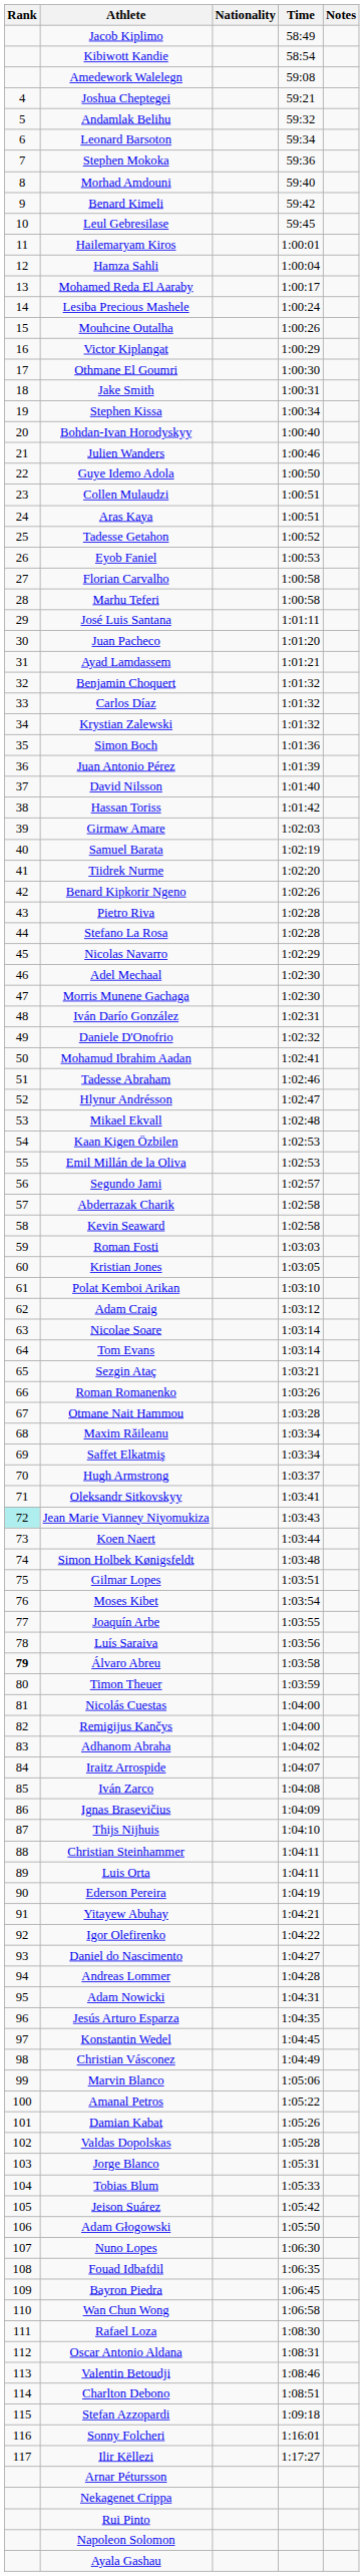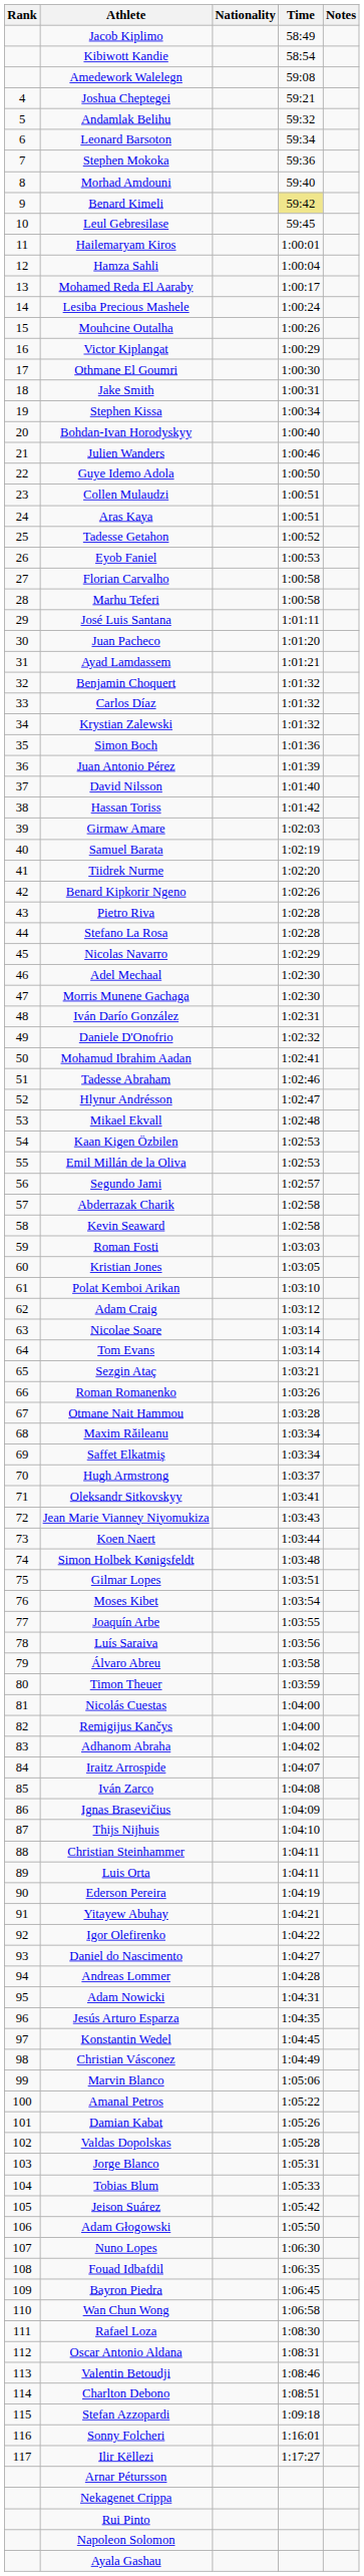 <table class="wikitable sortable"  style="text-align:center; font-size:95%">
 <tr>
 <th>Rank</th>
 <th>Athlete</th>
 <th>Nationality</th>
 <th>Time</th>
 <th>Notes</th>
 </tr>
 <tr>
 <td></td>
 <td><a href='#'>Jacob Kiplimo</a></td>
 <td align=left></td>
 <td>58:49</td>
 <td></td>
 </tr>
 <tr>
 <td></td>
 <td><a href='#'>Kibiwott Kandie</a></td>
 <td align=left></td>
 <td>58:54</td>
 <td></td>
 </tr>
 <tr>
 <td></td>
 <td><a href='#'>Amedework Walelegn</a></td>
 <td align=left></td>
 <td>59:08</td>
 <td></td>
 </tr>
 <tr>
 <td>4</td>
 <td><a href='#'>Joshua Cheptegei</a></td>
 <td align=left></td>
 <td>59:21</td>
 <td></td>
 </tr>
 <tr>
 <td>5</td>
 <td><a href='#'>Andamlak Belihu</a></td>
 <td align=left></td>
 <td>59:32</td>
 <td></td>
 </tr>
 <tr>
 <td>6</td>
 <td><a href='#'>Leonard Barsoton</a></td>
 <td align=left></td>
 <td>59:34</td>
 <td></td>
 </tr>
 <tr>
 <td>7</td>
 <td><a href='#'>Stephen Mokoka</a></td>
 <td align=left></td>
 <td>59:36</td>
 <td></td>
 </tr>
 <tr>
 <td>8</td>
 <td><a href='#'>Morhad Amdouni</a></td>
 <td align=left></td>
 <td>59:40</td>
 <td></td>
 </tr>
 <tr>
 <td>9</td>
 <td><a href='#'>Benard Kimeli</a></td>
 <td align=left></td>
-<td>59:42</td>
+<td style="background: khaki;">59:42</td>
 <td></td>
 </tr>
 <tr>
 <td>10</td>
 <td><a href='#'>Leul Gebresilase</a></td>
 <td align=left></td>
 <td>59:45</td>
 <td></td>
 </tr>
 <tr>
 <td>11</td>
 <td><a href='#'>Hailemaryam Kiros</a></td>
 <td align=left></td>
 <td>1:00:01</td>
 <td></td>
 </tr>
 <tr>
 <td>12</td>
 <td><a href='#'>Hamza Sahli</a></td>
 <td align=left></td>
 <td>1:00:04</td>
 <td></td>
 </tr>
 <tr>
 <td>13</td>
 <td><a href='#'>Mohamed Reda El Aaraby</a></td>
 <td align=left></td>
 <td>1:00:17</td>
 <td></td>
 </tr>
 <tr>
 <td>14</td>
 <td><a href='#'>Lesiba Precious Mashele</a></td>
 <td align=left></td>
 <td>1:00:24</td>
 <td></td>
 </tr>
 <tr>
 <td>15</td>
 <td><a href='#'>Mouhcine Outalha</a></td>
 <td align=left></td>
 <td>1:00:26</td>
 <td></td>
 </tr>
 <tr>
 <td>16</td>
 <td><a href='#'>Victor Kiplangat</a></td>
 <td align=left></td>
 <td>1:00:29</td>
 <td></td>
 </tr>
 <tr>
 <td>17</td>
 <td><a href='#'>Othmane El Goumri</a></td>
 <td align=left></td>
 <td>1:00:30</td>
 <td></td>
 </tr>
 <tr>
 <td>18</td>
 <td><a href='#'>Jake Smith</a></td>
 <td align=left></td>
 <td>1:00:31</td>
 <td></td>
 </tr>
 <tr>
 <td>19</td>
 <td><a href='#'>Stephen Kissa</a></td>
 <td align=left></td>
 <td>1:00:34</td>
 <td></td>
 </tr>
 <tr>
 <td>20</td>
 <td><a href='#'>Bohdan-Ivan Horodyskyy</a></td>
 <td align=left></td>
 <td>1:00:40</td>
 <td></td>
 </tr>
 <tr>
 <td>21</td>
 <td><a href='#'>Julien Wanders</a></td>
 <td align=left></td>
 <td>1:00:46</td>
 <td></td>
 </tr>
 <tr>
 <td>22</td>
 <td><a href='#'>Guye Idemo Adola</a></td>
 <td align=left></td>
 <td>1:00:50</td>
 <td></td>
 </tr>
 <tr>
 <td>23</td>
 <td><a href='#'>Collen Mulaudzi</a></td>
 <td align=left></td>
 <td>1:00:51</td>
 <td></td>
 </tr>
 <tr>
 <td>24</td>
 <td><a href='#'>Aras Kaya</a></td>
 <td align=left></td>
 <td>1:00:51</td>
 <td></td>
 </tr>
 <tr>
 <td>25</td>
 <td><a href='#'>Tadesse Getahon</a></td>
 <td align=left></td>
 <td>1:00:52</td>
 <td></td>
 </tr>
 <tr>
 <td>26</td>
 <td><a href='#'>Eyob Faniel</a></td>
 <td align=left></td>
 <td>1:00:53</td>
 <td></td>
 </tr>
 <tr>
 <td>27</td>
 <td><a href='#'>Florian Carvalho</a></td>
 <td align=left></td>
 <td>1:00:58</td>
 <td></td>
 </tr>
 <tr>
 <td>28</td>
 <td><a href='#'>Marhu Teferi</a></td>
 <td align=left></td>
 <td>1:00:58</td>
 <td></td>
 </tr>
 <tr>
 <td>29</td>
 <td><a href='#'>José Luis Santana</a></td>
 <td align=left></td>
 <td>1:01:11</td>
 <td></td>
 </tr>
 <tr>
 <td>30</td>
 <td><a href='#'>Juan Pacheco</a></td>
 <td align=left></td>
 <td>1:01:20</td>
 <td></td>
 </tr>
 <tr>
 <td>31</td>
 <td><a href='#'>Ayad Lamdassem</a></td>
 <td align=left></td>
 <td>1:01:21</td>
 <td></td>
 </tr>
 <tr>
 <td>32</td>
 <td><a href='#'>Benjamin Choquert</a></td>
 <td align=left></td>
 <td>1:01:32</td>
 <td></td>
 </tr>
 <tr>
 <td>33</td>
 <td><a href='#'>Carlos Díaz</a></td>
 <td align=left></td>
 <td>1:01:32</td>
 <td></td>
 </tr>
 <tr>
 <td>34</td>
 <td><a href='#'>Krystian Zalewski</a></td>
 <td align=left></td>
 <td>1:01:32</td>
 <td></td>
 </tr>
 <tr>
 <td>35</td>
 <td><a href='#'>Simon Boch</a></td>
 <td align=left></td>
 <td>1:01:36</td>
 <td></td>
 </tr>
 <tr>
 <td>36</td>
 <td><a href='#'>Juan Antonio Pérez</a></td>
 <td align=left></td>
 <td>1:01:39</td>
 <td></td>
 </tr>
 <tr>
 <td>37</td>
 <td><a href='#'>David Nilsson</a></td>
 <td align=left></td>
 <td>1:01:40</td>
 <td></td>
 </tr>
 <tr>
 <td>38</td>
 <td><a href='#'>Hassan Toriss</a></td>
 <td align=left></td>
 <td>1:01:42</td>
 <td></td>
 </tr>
 <tr>
 <td>39</td>
 <td><a href='#'>Girmaw Amare</a></td>
 <td align=left></td>
 <td>1:02:03</td>
 <td></td>
 </tr>
 <tr>
 <td>40</td>
 <td><a href='#'>Samuel Barata</a></td>
 <td align=left></td>
 <td>1:02:19</td>
 <td></td>
 </tr>
 <tr>
 <td>41</td>
 <td><a href='#'>Tiidrek Nurme</a></td>
 <td align=left></td>
 <td>1:02:20</td>
 <td></td>
 </tr>
 <tr>
 <td>42</td>
 <td><a href='#'>Benard Kipkorir Ngeno</a></td>
 <td align=left></td>
 <td>1:02:26</td>
 <td></td>
 </tr>
 <tr>
 <td>43</td>
 <td><a href='#'>Pietro Riva</a></td>
 <td align=left></td>
 <td>1:02:28</td>
 <td></td>
 </tr>
 <tr>
 <td>44</td>
 <td><a href='#'>Stefano La Rosa</a></td>
 <td align=left></td>
 <td>1:02:28</td>
 <td></td>
 </tr>
 <tr>
 <td>45</td>
 <td><a href='#'>Nicolas Navarro</a></td>
 <td align=left></td>
 <td>1:02:29</td>
 <td></td>
 </tr>
 <tr>
 <td>46</td>
 <td><a href='#'>Adel Mechaal</a></td>
 <td align=left></td>
 <td>1:02:30</td>
 <td></td>
 </tr>
 <tr>
 <td>47</td>
 <td><a href='#'>Morris Munene Gachaga</a></td>
 <td align=left></td>
 <td>1:02:30</td>
 <td></td>
 </tr>
 <tr>
 <td>48</td>
 <td><a href='#'>Iván Darío González</a></td>
 <td align=left></td>
 <td>1:02:31</td>
 <td></td>
 </tr>
 <tr>
 <td>49</td>
 <td><a href='#'>Daniele D'Onofrio</a></td>
 <td align=left></td>
 <td>1:02:32</td>
 <td></td>
 </tr>
 <tr>
 <td>50</td>
 <td><a href='#'>Mohamud Ibrahim Aadan</a></td>
 <td align=left></td>
 <td>1:02:41</td>
 <td></td>
 </tr>
 <tr>
 <td>51</td>
 <td><a href='#'>Tadesse Abraham</a></td>
 <td align=left></td>
 <td>1:02:46</td>
 <td></td>
 </tr>
 <tr>
 <td>52</td>
 <td><a href='#'>Hlynur Andrésson</a></td>
 <td align=left></td>
 <td>1:02:47</td>
 <td></td>
 </tr>
 <tr>
 <td>53</td>
 <td><a href='#'>Mikael Ekvall</a></td>
 <td align=left></td>
 <td>1:02:48</td>
 <td></td>
 </tr>
 <tr>
 <td>54</td>
 <td><a href='#'>Kaan Kigen Özbilen</a></td>
 <td align=left></td>
 <td>1:02:53</td>
 <td></td>
 </tr>
 <tr>
 <td>55</td>
 <td><a href='#'>Emil Millán de la Oliva</a></td>
 <td align=left></td>
 <td>1:02:53</td>
 <td></td>
 </tr>
 <tr>
 <td>56</td>
 <td><a href='#'>Segundo Jami</a></td>
 <td align=left></td>
 <td>1:02:57</td>
 <td></td>
 </tr>
 <tr>
 <td>57</td>
 <td><a href='#'>Abderrazak Charik</a></td>
 <td align=left></td>
 <td>1:02:58</td>
 <td></td>
 </tr>
 <tr>
 <td>58</td>
 <td><a href='#'>Kevin Seaward</a></td>
 <td align=left></td>
 <td>1:02:58</td>
 <td></td>
 </tr>
 <tr>
 <td>59</td>
 <td><a href='#'>Roman Fosti</a></td>
 <td align=left></td>
 <td>1:03:03</td>
 <td></td>
 </tr>
 <tr>
 <td>60</td>
 <td><a href='#'>Kristian Jones</a></td>
 <td align=left></td>
 <td>1:03:05</td>
 <td></td>
 </tr>
 <tr>
 <td>61</td>
 <td><a href='#'>Polat Kemboi Arikan</a></td>
 <td align=left></td>
 <td>1:03:10</td>
 <td></td>
 </tr>
 <tr>
 <td>62</td>
 <td><a href='#'>Adam Craig</a></td>
 <td align=left></td>
 <td>1:03:12</td>
 <td></td>
 </tr>
 <tr>
 <td>63</td>
 <td><a href='#'>Nicolae Soare</a></td>
 <td align=left></td>
 <td>1:03:14</td>
 <td></td>
 </tr>
 <tr>
 <td>64</td>
 <td><a href='#'>Tom Evans</a></td>
 <td align=left></td>
 <td>1:03:14</td>
 <td></td>
 </tr>
 <tr>
 <td>65</td>
 <td><a href='#'>Sezgin Ataç</a></td>
 <td align=left></td>
 <td>1:03:21</td>
 <td></td>
 </tr>
 <tr>
 <td>66</td>
 <td><a href='#'>Roman Romanenko</a></td>
 <td align=left></td>
 <td>1:03:26</td>
 <td></td>
 </tr>
 <tr>
 <td>67</td>
 <td><a href='#'>Otmane Nait Hammou</a></td>
 <td align=left></td>
 <td>1:03:28</td>
 <td></td>
 </tr>
 <tr>
 <td>68</td>
 <td><a href='#'>Maxim Răileanu</a></td>
 <td align=left></td>
 <td>1:03:34</td>
 <td></td>
 </tr>
 <tr>
 <td>69</td>
 <td><a href='#'>Saffet Elkatmiş</a></td>
 <td align=left></td>
 <td>1:03:34</td>
 <td></td>
 </tr>
 <tr>
 <td>70</td>
 <td><a href='#'>Hugh Armstrong</a></td>
 <td align=left></td>
 <td>1:03:37</td>
 <td></td>
 </tr>
 <tr>
 <td>71</td>
 <td><a href='#'>Oleksandr Sitkovskyy</a></td>
 <td align=left></td>
 <td>1:03:41</td>
 <td></td>
 </tr>
 <tr>
-<td style="background: paleturquoise;">72</td>
+<td>72</td>
 <td><a href='#'>Jean Marie Vianney Niyomukiza</a></td>
 <td align=left></td>
 <td>1:03:43</td>
 <td></td>
 </tr>
 <tr>
 <td>73</td>
 <td><a href='#'>Koen Naert</a></td>
 <td align=left></td>
 <td>1:03:44</td>
 <td></td>
 </tr>
 <tr>
 <td>74</td>
 <td><a href='#'>Simon Holbek Kønigsfeldt</a></td>
 <td align=left></td>
 <td>1:03:48</td>
 <td></td>
 </tr>
 <tr>
 <td>75</td>
 <td><a href='#'>Gilmar Lopes</a></td>
 <td align=left></td>
 <td>1:03:51</td>
 <td></td>
 </tr>
 <tr>
 <td>76</td>
 <td><a href='#'>Moses Kibet</a></td>
 <td align=left></td>
 <td>1:03:54</td>
 <td></td>
 </tr>
 <tr>
 <td>77</td>
 <td><a href='#'>Joaquín Arbe</a></td>
 <td align=left></td>
 <td>1:03:55</td>
 <td></td>
 </tr>
 <tr>
 <td>78</td>
 <td><a href='#'>Luís Saraiva</a></td>
 <td align=left></td>
 <td>1:03:56</td>
 <td></td>
 </tr>
 <tr>
-<td><strong>79</strong></td>
+<td>79</td>
 <td><a href='#'>Álvaro Abreu</a></td>
 <td align=left></td>
 <td>1:03:58</td>
 <td></td>
 </tr>
 <tr>
 <td>80</td>
 <td><a href='#'>Timon Theuer</a></td>
 <td align=left></td>
 <td>1:03:59</td>
 <td></td>
 </tr>
 <tr>
 <td>81</td>
 <td><a href='#'>Nicolás Cuestas</a></td>
 <td align=left></td>
 <td>1:04:00</td>
 <td></td>
 </tr>
 <tr>
 <td>82</td>
 <td><a href='#'>Remigijus Kančys</a></td>
 <td align=left></td>
 <td>1:04:00</td>
 <td></td>
 </tr>
 <tr>
 <td>83</td>
 <td><a href='#'>Adhanom Abraha</a></td>
 <td align=left></td>
 <td>1:04:02</td>
 <td></td>
 </tr>
 <tr>
 <td>84</td>
 <td><a href='#'>Iraitz Arrospide</a></td>
 <td align=left></td>
 <td>1:04:07</td>
 <td></td>
 </tr>
 <tr>
 <td>85</td>
 <td><a href='#'>Iván Zarco</a></td>
 <td align=left></td>
 <td>1:04:08</td>
 <td></td>
 </tr>
 <tr>
 <td>86</td>
 <td><a href='#'>Ignas Brasevičius</a></td>
 <td align=left></td>
 <td>1:04:09</td>
 <td></td>
 </tr>
 <tr>
 <td>87</td>
 <td><a href='#'>Thijs Nijhuis</a></td>
 <td align=left></td>
 <td>1:04:10</td>
 <td></td>
 </tr>
 <tr>
 <td>88</td>
 <td><a href='#'>Christian Steinhammer</a></td>
 <td align=left></td>
 <td>1:04:11</td>
 <td></td>
 </tr>
 <tr>
 <td>89</td>
 <td><a href='#'>Luis Orta</a></td>
 <td align=left></td>
 <td>1:04:11</td>
 <td></td>
 </tr>
 <tr>
 <td>90</td>
 <td><a href='#'>Ederson Pereira</a></td>
 <td align=left></td>
 <td>1:04:19</td>
 <td></td>
 </tr>
 <tr>
 <td>91</td>
 <td><a href='#'>Yitayew Abuhay</a></td>
 <td align=left></td>
 <td>1:04:21</td>
 <td></td>
 </tr>
 <tr>
 <td>92</td>
 <td><a href='#'>Igor Olefirenko</a></td>
 <td align=left></td>
 <td>1:04:22</td>
 <td></td>
 </tr>
 <tr>
 <td>93</td>
 <td><a href='#'>Daniel do Nascimento</a></td>
 <td align=left></td>
 <td>1:04:27</td>
 <td></td>
 </tr>
 <tr>
 <td>94</td>
 <td><a href='#'>Andreas Lommer</a></td>
 <td align=left></td>
 <td>1:04:28</td>
 <td></td>
 </tr>
 <tr>
 <td>95</td>
 <td><a href='#'>Adam Nowicki</a></td>
 <td align=left></td>
 <td>1:04:31</td>
 <td></td>
 </tr>
 <tr>
 <td>96</td>
 <td><a href='#'>Jesús Arturo Esparza</a></td>
 <td align=left></td>
 <td>1:04:35</td>
 <td></td>
 </tr>
 <tr>
 <td>97</td>
 <td><a href='#'>Konstantin Wedel</a></td>
 <td align=left></td>
 <td>1:04:45</td>
 <td></td>
 </tr>
 <tr>
 <td>98</td>
 <td><a href='#'>Christian Vásconez</a></td>
 <td align=left></td>
 <td>1:04:49</td>
 <td></td>
 </tr>
 <tr>
 <td>99</td>
 <td><a href='#'>Marvin Blanco</a></td>
 <td align=left></td>
 <td>1:05:06</td>
 <td></td>
 </tr>
 <tr>
 <td>100</td>
 <td><a href='#'>Amanal Petros</a></td>
 <td align=left></td>
 <td>1:05:22</td>
 <td></td>
 </tr>
 <tr>
 <td>101</td>
 <td><a href='#'>Damian Kabat</a></td>
 <td align=left></td>
 <td>1:05:26</td>
 <td></td>
 </tr>
 <tr>
 <td>102</td>
 <td><a href='#'>Valdas Dopolskas</a></td>
 <td align=left></td>
 <td>1:05:28</td>
 <td></td>
 </tr>
 <tr>
 <td>103</td>
 <td><a href='#'>Jorge Blanco</a></td>
 <td align=left></td>
 <td>1:05:31</td>
 <td></td>
 </tr>
 <tr>
 <td>104</td>
 <td><a href='#'>Tobias Blum</a></td>
 <td align=left></td>
 <td>1:05:33</td>
 <td></td>
 </tr>
 <tr>
 <td>105</td>
 <td><a href='#'>Jeison Suárez</a></td>
 <td align=left></td>
 <td>1:05:42</td>
 <td></td>
 </tr>
 <tr>
 <td>106</td>
 <td><a href='#'>Adam Głogowski</a></td>
 <td align=left></td>
 <td>1:05:50</td>
 <td></td>
 </tr>
 <tr>
 <td>107</td>
 <td><a href='#'>Nuno Lopes</a></td>
 <td align=left></td>
 <td>1:06:30</td>
 <td></td>
 </tr>
 <tr>
 <td>108</td>
 <td><a href='#'>Fouad Idbafdil</a></td>
 <td align=left></td>
 <td>1:06:35</td>
 <td></td>
 </tr>
 <tr>
 <td>109</td>
 <td><a href='#'>Bayron Piedra</a></td>
 <td align=left></td>
 <td>1:06:45</td>
 <td></td>
 </tr>
 <tr>
 <td>110</td>
 <td><a href='#'>Wan Chun Wong</a></td>
 <td align=left></td>
 <td>1:06:58</td>
 <td></td>
 </tr>
 <tr>
 <td>111</td>
 <td><a href='#'>Rafael Loza</a></td>
 <td align=left></td>
 <td>1:08:30</td>
 <td></td>
 </tr>
 <tr>
 <td>112</td>
 <td><a href='#'>Oscar Antonio Aldana</a></td>
 <td align=left></td>
 <td>1:08:31</td>
 <td></td>
 </tr>
 <tr>
 <td>113</td>
 <td><a href='#'>Valentin Betoudji</a></td>
 <td align=left></td>
 <td>1:08:46</td>
 <td></td>
 </tr>
 <tr>
 <td>114</td>
 <td><a href='#'>Charlton Debono</a></td>
 <td align=left></td>
 <td>1:08:51</td>
 <td></td>
 </tr>
 <tr>
 <td>115</td>
 <td><a href='#'>Stefan Azzopardi</a></td>
 <td align=left></td>
 <td>1:09:18</td>
 <td></td>
 </tr>
 <tr>
 <td>116</td>
 <td><a href='#'>Sonny Folcheri</a></td>
 <td align=left></td>
 <td>1:16:01</td>
 <td></td>
 </tr>
 <tr>
 <td>117</td>
 <td><a href='#'>Ilir Këllezi</a></td>
 <td align=left></td>
 <td>1:17:27</td>
 <td></td>
 </tr>
 <tr>
 <td></td>
 <td><a href='#'>Arnar Pétursson</a></td>
 <td align=left></td>
 <td></td>
 <td></td>
 </tr>
 <tr>
 <td></td>
 <td><a href='#'>Nekagenet Crippa</a></td>
 <td align=left></td>
 <td></td>
 <td></td>
 </tr>
 <tr>
 <td></td>
 <td><a href='#'>Rui Pinto</a></td>
 <td align=left></td>
 <td></td>
 <td></td>
 </tr>
 <tr>
 <td></td>
 <td><a href='#'>Napoleon Solomon</a></td>
 <td align=left></td>
 <td></td>
 <td></td>
 </tr>
 <tr>
 <td></td>
 <td><a href='#'>Ayala Gashau</a></td>
 <td align=left></td>
 <td></td>
 <td></td>
 </tr>
 </table>
